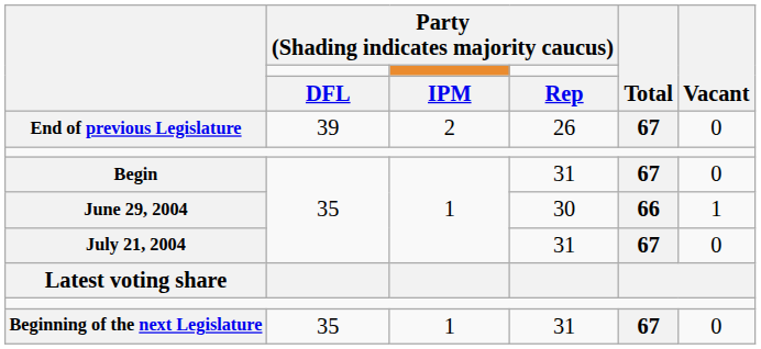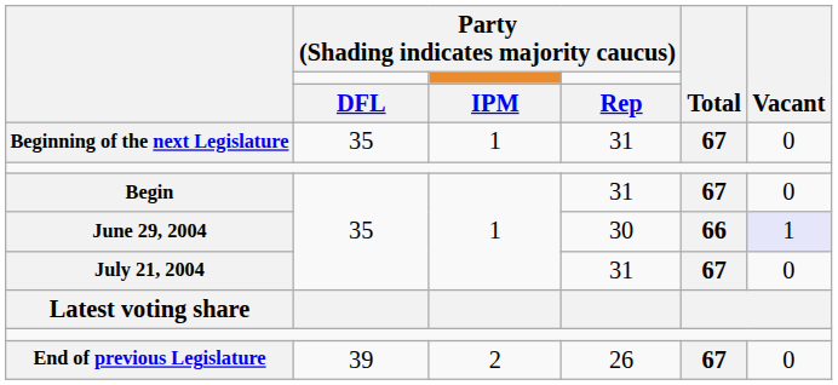 <table class=wikitable style="text-align:center">
 <tr style="vertical-align:bottom;">
 <th rowspan=3></th>
 <th colspan=3>Party <div>(Shading indicates majority caucus)</div></th>
 <th rowspan=3>Total</th>
 <th rowspan=3>Vacant</th>
 </tr>
 <tr style="height:5px">
 <td style="background-color:"></td>
 <td style="background-color:#ea8b2e;"></td>
 <td style="background-color:"></td>
 </tr>
 <tr>
 <th><a href='#'>DFL</a></th>
 <th><a href='#'>IPM</a></th>
 <th><a href='#'>Rep</a></th>
 </tr>
 <tr>
-<th style="white-space:nowrap; font-size:80%;">End of <a href='#'>previous Legislature</a></th>
-<td>39</td>
-<td>2</td>
-<td>26</td>
+<th style="white-space:nowrap; font-size:80%;">Beginning of the <a href='#'>next Legislature</a></th>
+<td>35</td>
+<td>1</td>
+<td>31</td>
 <th>67</th>
 <td>0</td>
 </tr>
 <tr>
 <td colspan=6></td>
 </tr>
 <tr>
 <th style="font-size:80%">Begin</th>
 <td rowspan="3" >35</td>
 <td rowspan="3">1</td>
 <td>31</td>
 <th>67</th>
 <td>0</td>
 </tr>
 <tr>
 <th style="font-size:80%">June 29, 2004 </th>
 <td>30</td>
 <th>66</th>
-<td>1</td>
+<td style="background: lavender;">1</td>
 </tr>
 <tr>
 <th style="font-size:80%">July 21, 2004 </th>
 <td>31</td>
 <th>67</th>
 <td>0</td>
 </tr>
 <tr>
 <th>Latest voting share</th>
 <th></th>
 <th></th>
 <th></th>
 <th colspan=2></th>
 </tr>
 <tr>
 <td colspan=6></td>
 </tr>
 <tr>
-<th style="white-space:nowrap; font-size:80%;">Beginning of the <a href='#'>next Legislature</a></th>
-<td>35</td>
-<td>1</td>
-<td>31</td>
+<th style="white-space:nowrap; font-size:80%;">End of <a href='#'>previous Legislature</a></th>
+<td>39</td>
+<td>2</td>
+<td>26</td>
 <th>67</th>
 <td>0</td>
 </tr>
 </table>
